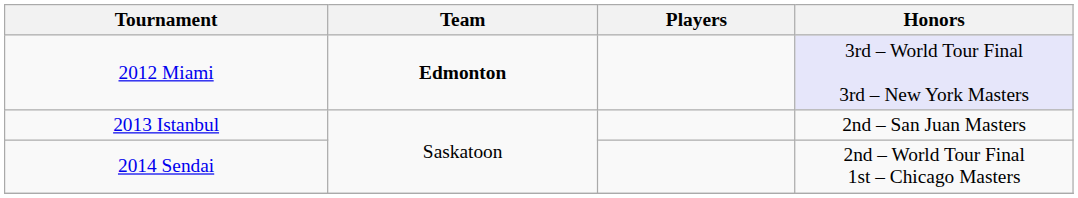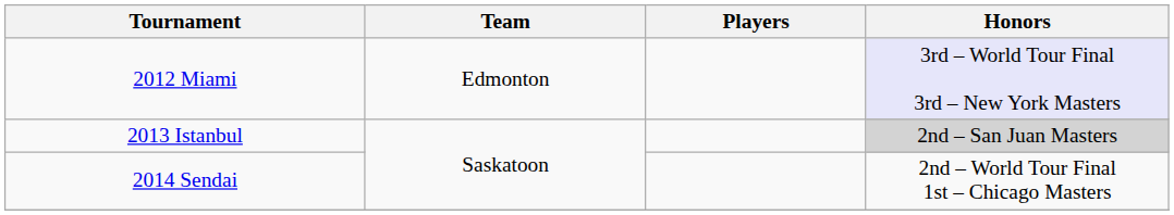 <table class="wikitable" width=100% style="text-align: center;">
 <tr>
 <th>Tournament</th>
 <th>Team</th>
 <th>Players</th>
 <th width=26%>Honors</th>
 </tr>
 <tr>
 <td><a href='#'>2012 Miami</a></td>
-<td><strong>Edmonton</strong></td>
+<td>Edmonton</td>
 <td></td>
 <td style="background: lavender;"> 3rd –  World Tour Final<br><br> 3rd –  New York Masters</td>
 </tr>
 <tr>
 <td><a href='#'>2013 Istanbul</a></td>
 <td rowspan=2>Saskatoon</td>
 <td></td>
-<td> 2nd –  San Juan Masters</td>
+<td style="background: lightgrey;"> 2nd –  San Juan Masters</td>
 </tr>
 <tr>
 <td><a href='#'>2014 Sendai</a></td>
 <td></td>
 <td> 2nd –  World Tour Final<br> 1st –  Chicago Masters</td>
 </tr>
 <tr>
 </tr>
 </table>
